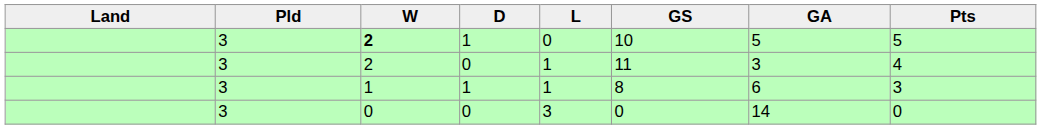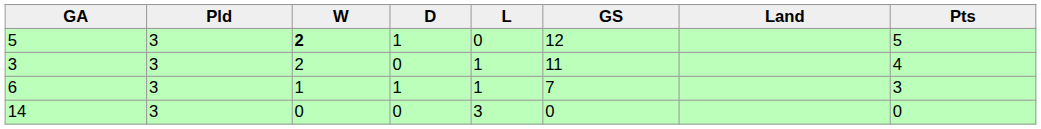 <table rules="all" cellpadding="2" cellspacing="0" style="margin: 1em 1em 1em 1em; border: 1px solid #999; background-color: white"  width="50%">
 <tr bgcolor="efefef">
-<th>Land</th>
+<th>GA</th>
 <th>Pld</th>
 <th>W</th>
 <th>D</th>
 <th>L</th>
 <th>GS</th>
-<th>GA</th>
+<th>Land</th>
 <th>Pts</th>
 </tr>
 <tr bgcolor="bbffbb">
-<td></td>
+<td>5</td>
 <td>3</td>
 <td><strong>2</strong></td>
 <td>1</td>
 <td>0</td>
-<td>10</td>
-<td>5</td>
+<td>12</td>
+<td></td>
 <td>5</td>
 </tr>
 <tr bgcolor="bbffbb">
-<td></td>
+<td>3</td>
 <td>3</td>
 <td>2</td>
 <td>0</td>
 <td>1</td>
 <td>11</td>
-<td>3</td>
+<td></td>
 <td>4</td>
 </tr>
 <tr bgcolor="bbffbb">
-<td></td>
+<td>6</td>
 <td>3</td>
 <td>1</td>
 <td>1</td>
 <td>1</td>
-<td>8</td>
-<td>6</td>
+<td>7</td>
+<td></td>
 <td>3</td>
 </tr>
 <tr bgcolor="bbffbb">
-<td></td>
+<td>14</td>
 <td>3</td>
 <td>0</td>
 <td>0</td>
 <td>3</td>
 <td>0</td>
-<td>14</td>
+<td></td>
 <td>0</td>
 </tr>
 </table>
